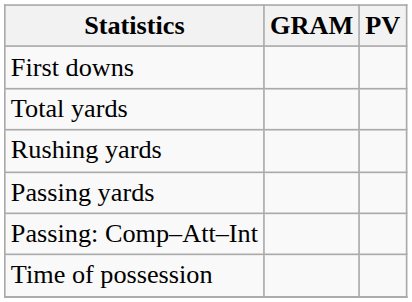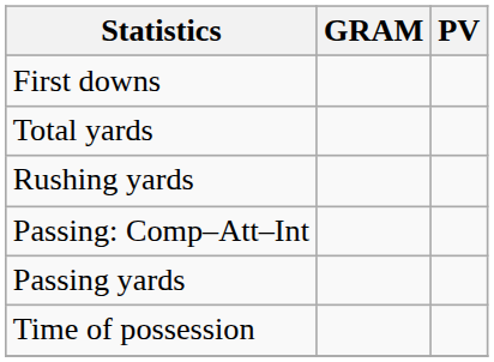 <table class="wikitable" style="float: left;">
 <tr>
 <th>Statistics</th>
 <th>GRAM</th>
 <th>PV</th>
 </tr>
 <tr>
 <td>First downs</td>
 <td></td>
 <td></td>
 </tr>
 <tr>
 <td>Total yards</td>
 <td></td>
 <td></td>
 </tr>
 <tr>
 <td>Rushing yards</td>
 <td></td>
 <td></td>
 </tr>
 <tr>
-<td>Passing yards</td>
+<td>Passing: Comp–Att–Int</td>
 <td></td>
 <td></td>
 </tr>
 <tr>
-<td>Passing: Comp–Att–Int</td>
+<td>Passing yards</td>
 <td></td>
 <td></td>
 </tr>
 <tr>
 <td>Time of possession</td>
 <td></td>
 <td></td>
 </tr>
 <tr>
 </tr>
 </table>
